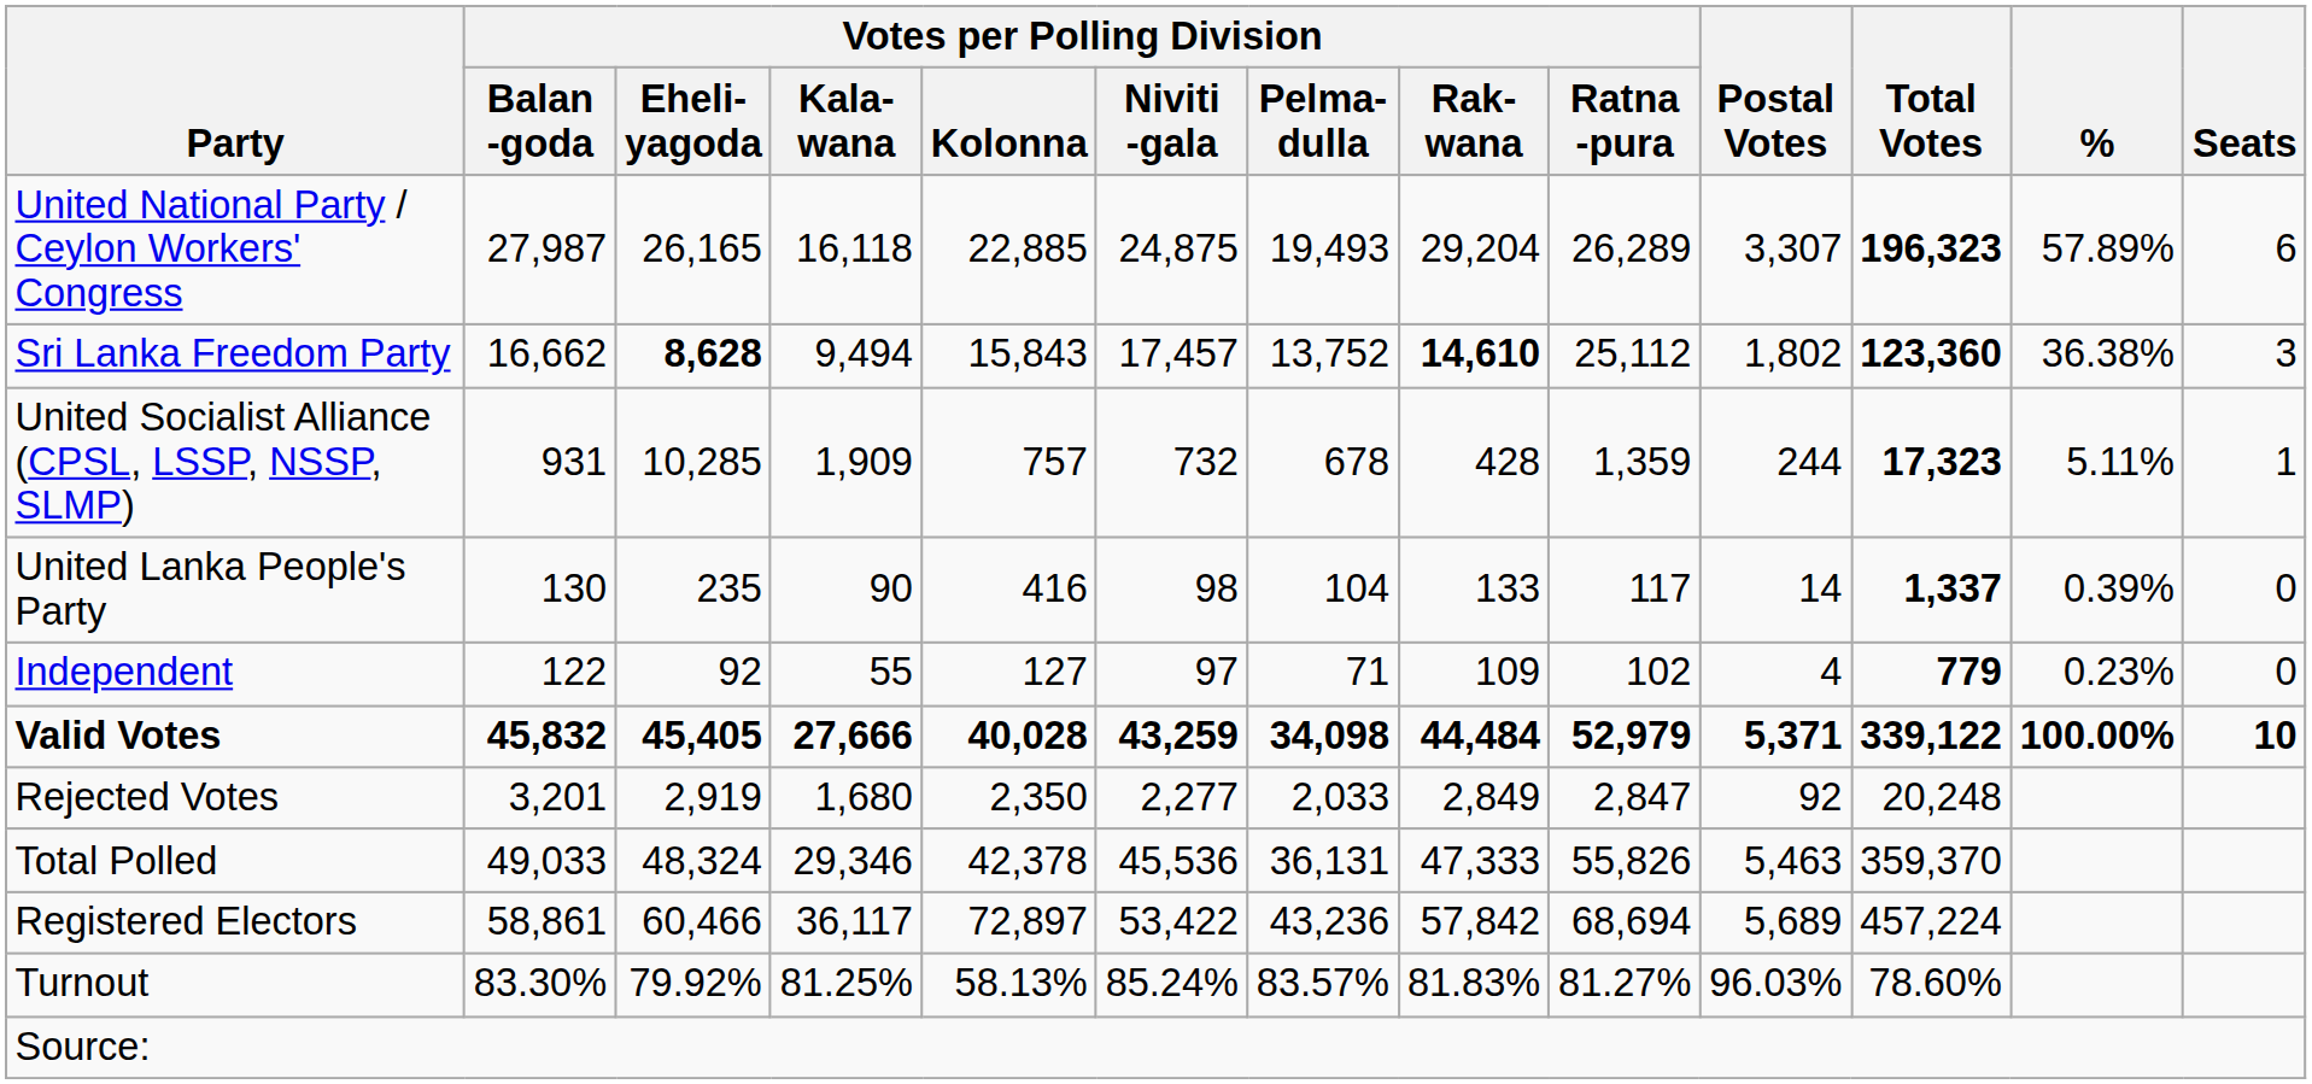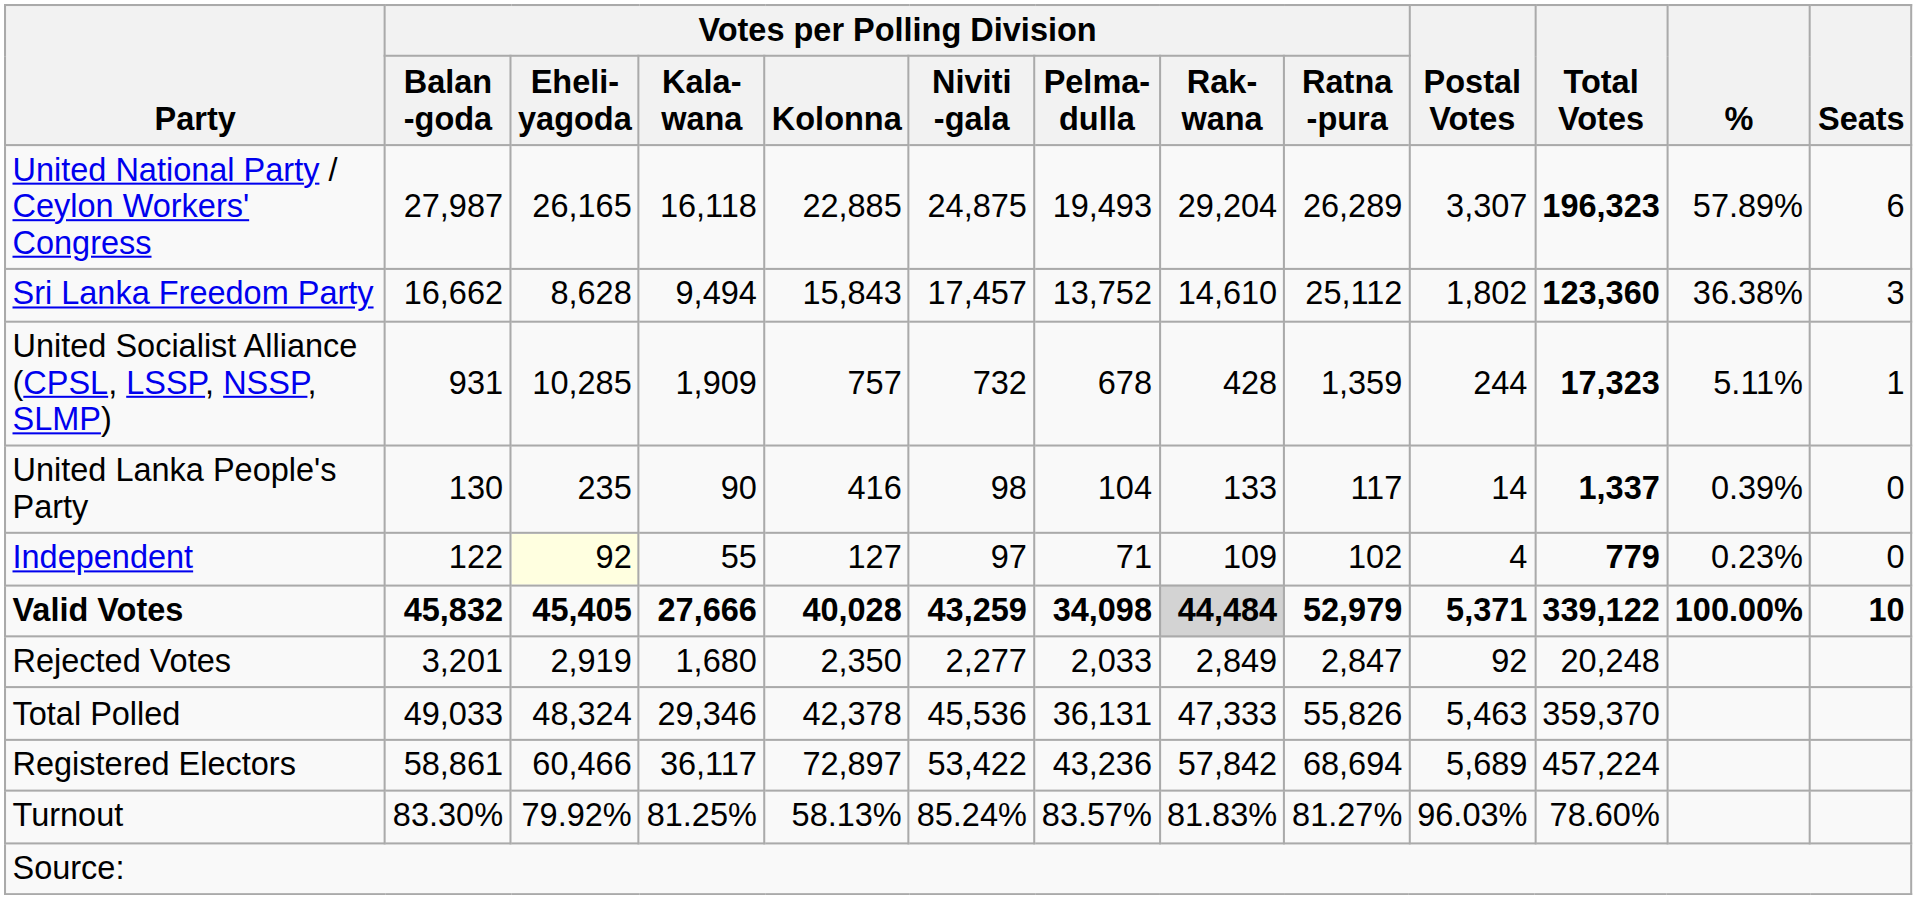 <table class="wikitable" border="1" style="text-align:right;">
 <tr>
 <th align=left valign=bottom rowspan=2 width="180">Party</th>
 <th colspan=8>Votes per Polling Division</th>
 <th align=center valign=bottom rowspan=2 width="50">Postal<br>Votes</th>
 <th align=center valign=bottom rowspan=2 width="50">Total Votes</th>
 <th align=center valign=bottom rowspan=2 width="50">%</th>
 <th align=center valign=bottom rowspan=2 width="40">Seats</th>
 </tr>
 <tr>
 <th align=center valign=bottom width="50">Balan<br>-goda</th>
 <th align=center valign=bottom width="50">Eheli-<br>yagoda</th>
 <th align=center valign=bottom width="50">Kala-<br>wana</th>
 <th align=center valign=bottom width="50">Kolonna</th>
 <th align=center valign=bottom width="50">Niviti<br>-gala</th>
 <th align=center valign=bottom width="50">Pelma-<br>dulla</th>
 <th align=center valign=bottom width="50">Rak-<br>wana</th>
 <th align=center valign=bottom width="50">Ratna<br>-pura</th>
 </tr>
 <tr>
 <td align=left><a href='#'>United National Party</a> /<br><a href='#'>Ceylon Workers' Congress</a></td>
 <td>27,987</td>
 <td>26,165</td>
 <td>16,118</td>
 <td>22,885</td>
 <td>24,875</td>
 <td>19,493</td>
 <td>29,204</td>
 <td>26,289</td>
 <td>3,307</td>
 <td><strong>196,323</strong></td>
 <td>57.89%</td>
 <td>6</td>
 </tr>
 <tr>
 <td align=left><a href='#'>Sri Lanka Freedom Party</a></td>
 <td>16,662</td>
-<td><strong>8,628</strong></td>
+<td>8,628</td>
 <td>9,494</td>
 <td>15,843</td>
 <td>17,457</td>
 <td>13,752</td>
-<td><strong>14,610</strong></td>
+<td>14,610</td>
 <td>25,112</td>
 <td>1,802</td>
 <td><strong>123,360</strong></td>
 <td>36.38%</td>
 <td>3</td>
 </tr>
 <tr>
 <td align=left>United Socialist Alliance<br>(<a href='#'>CPSL</a>, <a href='#'>LSSP</a>, <a href='#'>NSSP</a>, <a href='#'>SLMP</a>)</td>
 <td>931</td>
 <td>10,285</td>
 <td>1,909</td>
 <td>757</td>
 <td>732</td>
 <td>678</td>
 <td>428</td>
 <td>1,359</td>
 <td>244</td>
 <td><strong>17,323</strong></td>
 <td>5.11%</td>
 <td>1</td>
 </tr>
 <tr>
 <td align=left>United Lanka People's Party</td>
 <td>130</td>
 <td>235</td>
 <td>90</td>
 <td>416</td>
 <td>98</td>
 <td>104</td>
 <td>133</td>
 <td>117</td>
 <td>14</td>
 <td><strong>1,337</strong></td>
 <td>0.39%</td>
 <td>0</td>
 </tr>
 <tr>
 <td align=left><a href='#'>Independent</a></td>
 <td>122</td>
-<td>92</td>
+<td style="background: lightyellow;">92</td>
 <td>55</td>
 <td>127</td>
 <td>97</td>
 <td>71</td>
 <td>109</td>
 <td>102</td>
 <td>4</td>
 <td><strong>779</strong></td>
 <td>0.23%</td>
 <td>0</td>
 </tr>
 <tr>
 <td align=left><strong>Valid Votes</strong></td>
 <td><strong>45,832</strong></td>
 <td><strong>45,405</strong></td>
 <td><strong>27,666</strong></td>
 <td><strong>40,028</strong></td>
 <td><strong>43,259</strong></td>
 <td><strong>34,098</strong></td>
-<td><strong>44,484</strong></td>
+<td style="background: lightgrey;"><strong>44,484</strong></td>
 <td><strong>52,979</strong></td>
 <td><strong>5,371</strong></td>
 <td><strong>339,122</strong></td>
 <td><strong>100.00%</strong></td>
 <td><strong>10</strong></td>
 </tr>
 <tr>
 <td align=left>Rejected Votes</td>
 <td>3,201</td>
 <td>2,919</td>
 <td>1,680</td>
 <td>2,350</td>
 <td>2,277</td>
 <td>2,033</td>
 <td>2,849</td>
 <td>2,847</td>
 <td>92</td>
 <td>20,248</td>
 <td></td>
 <td></td>
 </tr>
 <tr>
 <td align=left>Total Polled</td>
 <td>49,033</td>
 <td>48,324</td>
 <td>29,346</td>
 <td>42,378</td>
 <td>45,536</td>
 <td>36,131</td>
 <td>47,333</td>
 <td>55,826</td>
 <td>5,463</td>
 <td>359,370</td>
 <td></td>
 <td></td>
 </tr>
 <tr>
 <td align=left>Registered Electors</td>
 <td>58,861</td>
 <td>60,466</td>
 <td>36,117</td>
 <td>72,897</td>
 <td>53,422</td>
 <td>43,236</td>
 <td>57,842</td>
 <td>68,694</td>
 <td>5,689</td>
 <td>457,224</td>
 <td></td>
 <td></td>
 </tr>
 <tr>
 <td align=left>Turnout</td>
 <td>83.30%</td>
 <td>79.92%</td>
 <td>81.25%</td>
 <td>58.13%</td>
 <td>85.24%</td>
 <td>83.57%</td>
 <td>81.83%</td>
 <td>81.27%</td>
 <td>96.03%</td>
 <td>78.60%</td>
 <td></td>
 <td></td>
 </tr>
 <tr>
 <td align=left colspan=14>Source:</td>
 </tr>
 </table>
